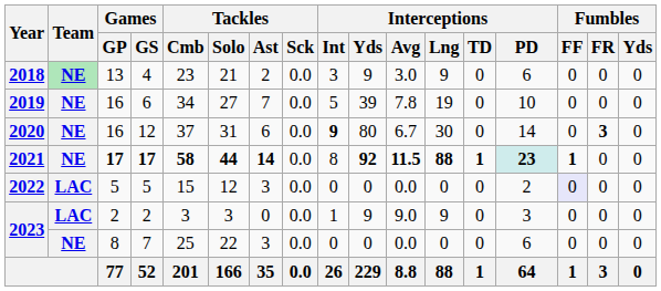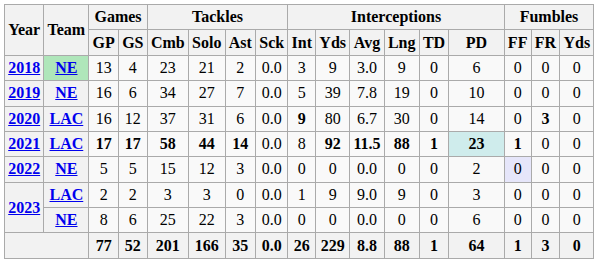 <table class="wikitable" style="text-align:center;">
 <tr>
 <th rowspan="2">Year</th>
 <th rowspan="2">Team</th>
 <th colspan="2">Games</th>
 <th colspan="4">Tackles</th>
 <th colspan="6">Interceptions</th>
 <th colspan="5">Fumbles</th>
 </tr>
 <tr>
 <th>GP</th>
 <th>GS</th>
 <th>Cmb</th>
 <th>Solo</th>
 <th>Ast</th>
 <th>Sck</th>
 <th>Int</th>
 <th>Yds</th>
 <th>Avg</th>
 <th>Lng</th>
 <th>TD</th>
 <th>PD</th>
 <th>FF</th>
 <th>FR</th>
 <th>Yds</th>
 </tr>
 <tr>
 <th><a href='#'>2018</a></th>
 <th style="background:#afe6ba;"><a href='#'>NE</a></th>
 <td>13</td>
 <td>4</td>
 <td>23</td>
 <td>21</td>
 <td>2</td>
 <td>0.0</td>
 <td>3</td>
 <td>9</td>
 <td>3.0</td>
 <td>9</td>
 <td>0</td>
 <td>6</td>
 <td>0</td>
 <td>0</td>
 <td>0</td>
 </tr>
 <tr>
 <th><a href='#'>2019</a></th>
 <th><a href='#'>NE</a></th>
 <td>16</td>
 <td>6</td>
 <td>34</td>
 <td>27</td>
 <td>7</td>
 <td>0.0</td>
 <td>5</td>
 <td>39</td>
 <td>7.8</td>
 <td>19</td>
 <td>0</td>
 <td>10</td>
 <td>0</td>
 <td>0</td>
 <td>0</td>
 </tr>
 <tr>
 <th><a href='#'>2020</a></th>
-<th><a href='#'>NE</a></th>
+<th><a href='#'>LAC</a></th>
 <td>16</td>
 <td>12</td>
 <td>37</td>
 <td>31</td>
 <td>6</td>
 <td>0.0</td>
 <td><strong>9</strong></td>
 <td>80</td>
 <td>6.7</td>
 <td>30</td>
 <td>0</td>
 <td>14</td>
 <td>0</td>
 <td><strong>3</strong></td>
 <td>0</td>
 </tr>
 <tr>
 <th><a href='#'>2021</a></th>
-<th><a href='#'>NE</a></th>
+<th><a href='#'>LAC</a></th>
 <td><strong>17</strong></td>
 <td><strong>17</strong></td>
 <td><strong>58</strong></td>
 <td><strong>44</strong></td>
 <td><strong>14</strong></td>
 <td>0.0</td>
 <td>8</td>
 <td><strong>92</strong></td>
 <td><strong>11.5</strong></td>
 <td><strong>88</strong></td>
 <td><strong>1</strong></td>
 <td style="background:#cfecec; width:3em;"><strong>23</strong></td>
 <td><strong>1</strong></td>
 <td>0</td>
 <td>0</td>
 </tr>
 <tr>
 <th><a href='#'>2022</a></th>
-<th><a href='#'>LAC</a></th>
+<th><a href='#'>NE</a></th>
 <td>5</td>
 <td>5</td>
 <td>15</td>
 <td>12</td>
 <td>3</td>
 <td>0.0</td>
 <td>0</td>
 <td>0</td>
 <td>0.0</td>
 <td>0</td>
 <td>0</td>
 <td>2</td>
 <td style="background: lavender;">0</td>
 <td>0</td>
 <td>0</td>
 </tr>
 <tr>
 <th rowspan="2"><a href='#'>2023</a></th>
 <th><a href='#'>LAC</a></th>
 <td>2</td>
 <td>2</td>
 <td>3</td>
 <td>3</td>
 <td>0</td>
 <td>0.0</td>
 <td>1</td>
 <td>9</td>
 <td>9.0</td>
 <td>9</td>
 <td>0</td>
 <td>3</td>
 <td>0</td>
 <td>0</td>
 <td>0</td>
 </tr>
 <tr>
 <th><a href='#'>NE</a></th>
 <td>8</td>
-<td>7</td>
+<td>6</td>
 <td>25</td>
 <td>22</td>
 <td>3</td>
 <td>0.0</td>
 <td>0</td>
 <td>0</td>
 <td>0.0</td>
 <td>0</td>
 <td>0</td>
 <td>6</td>
 <td>0</td>
 <td>0</td>
 <td>0</td>
 </tr>
 <tr>
 <th colspan="2"></th>
 <th>77</th>
 <th>52</th>
 <th>201</th>
 <th>166</th>
 <th>35</th>
 <th>0.0</th>
 <th>26</th>
 <th>229</th>
 <th>8.8</th>
 <th>88</th>
 <th>1</th>
 <th>64</th>
 <th>1</th>
 <th>3</th>
 <th>0</th>
 </tr>
 </table>
